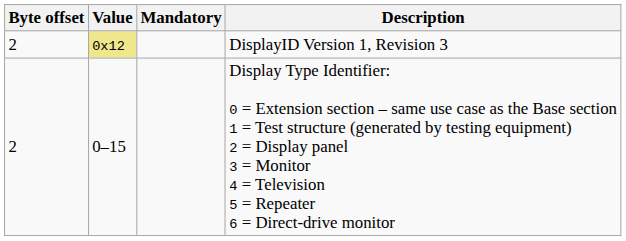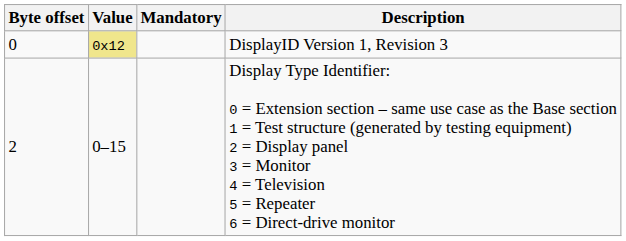 <table class=wikitable>
 <tr>
 <th>Byte offset</th>
 <th>Value</th>
 <th>Mandatory</th>
 <th>Description</th>
 </tr>
 <tr>
-<td>2</td>
+<td>0</td>
 <td style="background: khaki;"><code>0x12</code></td>
 <td></td>
 <td>DisplayID Version 1, Revision 3</td>
 </tr>
 <tr>
 <td>2</td>
 <td>0–15</td>
 <td></td>
 <td>Display Type Identifier:<br><br><code>0</code> = Extension section – same use case as the Base section<br> <code>1</code> = Test structure (generated by testing equipment)<br> <code>2</code> = Display panel<br> <code>3</code> = Monitor<br> <code>4</code> = Television<br> <code>5</code> = Repeater<br> <code>6</code> = Direct-drive monitor</td>
 </tr>
 </table>
